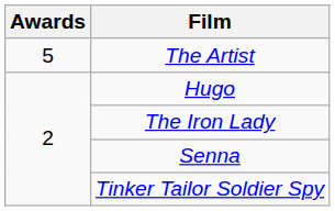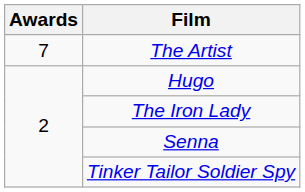 <table class="wikitable" style="text-align:center;">
 <tr>
 <th style="background:">Awards</th>
 <th style="background:">Film</th>
 </tr>
 <tr>
-<td>5</td>
+<td>7</td>
 <td><em><a href='#'>The Artist</a></em></td>
 </tr>
 <tr>
 <td rowspan="4">2</td>
 <td><em><a href='#'>Hugo</a></em></td>
 </tr>
 <tr>
 <td><em><a href='#'>The Iron Lady</a></em></td>
 </tr>
 <tr>
 <td><em><a href='#'>Senna</a></em></td>
 </tr>
 <tr>
 <td><em><a href='#'>Tinker Tailor Soldier Spy</a></em></td>
 </tr>
 </table>
